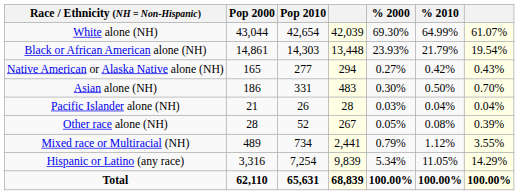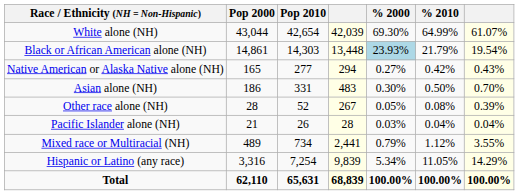 <table class="wikitable" style="text-align:center;">
 <tr>
 <th>Race / Ethnicity <small>(<em>NH = Non-Hispanic</em>)</small></th>
 <th>Pop 2000</th>
 <th>Pop 2010</th>
 <th></th>
 <th>% 2000</th>
 <th>% 2010</th>
 <th></th>
 </tr>
 <tr>
 <td><a href='#'>White</a> alone (NH)</td>
 <td>43,044</td>
 <td>42,654</td>
 <td style='background: #ffffe6;'>42,039</td>
 <td>69.30%</td>
 <td>64.99%</td>
 <td style='background: #ffffe6;'>61.07%</td>
 </tr>
 <tr>
 <td><a href='#'>Black or African American</a> alone (NH)</td>
 <td>14,861</td>
 <td>14,303</td>
 <td style='background: #ffffe6;'>13,448</td>
-<td>23.93%</td>
+<td style="background: lightblue;">23.93%</td>
 <td>21.79%</td>
 <td style='background: #ffffe6;'>19.54%</td>
 </tr>
 <tr>
 <td><a href='#'>Native American</a> or <a href='#'>Alaska Native</a> alone (NH)</td>
 <td>165</td>
 <td>277</td>
 <td style='background: #ffffe6;'>294</td>
 <td>0.27%</td>
 <td>0.42%</td>
 <td style='background: #ffffe6;'>0.43%</td>
 </tr>
 <tr>
 <td><a href='#'>Asian</a> alone (NH)</td>
 <td>186</td>
 <td>331</td>
 <td style='background: #ffffe6;'>483</td>
 <td>0.30%</td>
 <td>0.50%</td>
 <td style='background: #ffffe6;'>0.70%</td>
 </tr>
 <tr>
+<td><a href='#'>Other race</a> alone (NH)</td>
+<td>28</td>
+<td>52</td>
+<td style='background: #ffffe6;'>267</td>
+<td>0.05%</td>
+<td>0.08%</td>
+<td style='background: #ffffe6;'>0.39%</td>
+</tr>
+<tr>
 <td><a href='#'>Pacific Islander</a> alone (NH)</td>
 <td>21</td>
 <td>26</td>
 <td style='background: #ffffe6;'>28</td>
 <td>0.03%</td>
 <td>0.04%</td>
 <td style='background: #ffffe6;'>0.04%</td>
-</tr>
-<tr>
-<td><a href='#'>Other race</a> alone (NH)</td>
-<td>28</td>
-<td>52</td>
-<td style='background: #ffffe6;'>267</td>
-<td>0.05%</td>
-<td>0.08%</td>
-<td style='background: #ffffe6;'>0.39%</td>
 </tr>
 <tr>
 <td><a href='#'>Mixed race or Multiracial</a> (NH)</td>
 <td>489</td>
 <td>734</td>
 <td style='background: #ffffe6;'>2,441</td>
 <td>0.79%</td>
 <td>1.12%</td>
 <td style='background: #ffffe6;'>3.55%</td>
 </tr>
 <tr>
 <td><a href='#'>Hispanic or Latino</a> (any race)</td>
 <td>3,316</td>
 <td>7,254</td>
 <td style='background: #ffffe6;'>9,839</td>
 <td>5.34%</td>
 <td>11.05%</td>
 <td style='background: #ffffe6;'>14.29%</td>
 </tr>
 <tr>
 <td><strong>Total</strong></td>
 <td><strong>62,110</strong></td>
 <td><strong>65,631</strong></td>
 <td style='background: #ffffe6;'><strong>68,839</strong></td>
 <td><strong>100.00%</strong></td>
 <td><strong>100.00%</strong></td>
 <td style='background: #ffffe6;'><strong>100.00%</strong></td>
 </tr>
 </table>
